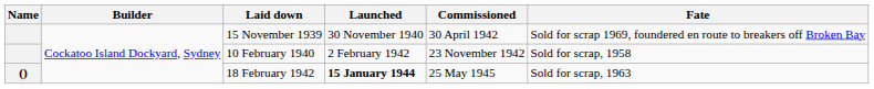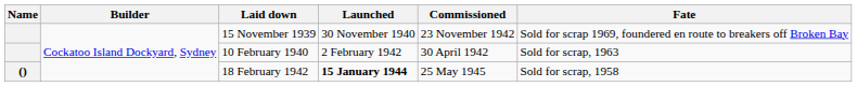 <table class="wikitable plainrowheaders">
 <tr>
 <th scope="col">Name</th>
 <th scope="col">Builder</th>
 <th scope="col">Laid down</th>
 <th scope="col">Launched</th>
 <th scope="col">Commissioned</th>
 <th scope="col">Fate</th>
 </tr>
 <tr>
 <th scope="row"></th>
 <td rowspan="3"><a href='#'>Cockatoo Island Dockyard</a>, <a href='#'>Sydney</a></td>
 <td>15 November 1939</td>
 <td>30 November 1940</td>
-<td>30 April 1942</td>
+<td>23 November 1942</td>
 <td>Sold for scrap 1969, foundered en route to breakers off <a href='#'>Broken Bay</a></td>
 </tr>
 <tr>
 <th scope="row"></th>
 <td>10 February 1940</td>
 <td>2 February 1942</td>
-<td>23 November 1942</td>
-<td>Sold for scrap, 1958</td>
+<td>30 April 1942</td>
+<td>Sold for scrap, 1963</td>
 </tr>
 <tr>
 <th scope="row"> ()</th>
 <td>18 February 1942</td>
 <td><strong>15 January 1944</strong></td>
 <td>25 May 1945</td>
-<td>Sold for scrap, 1963</td>
+<td>Sold for scrap, 1958</td>
 </tr>
 </table>
